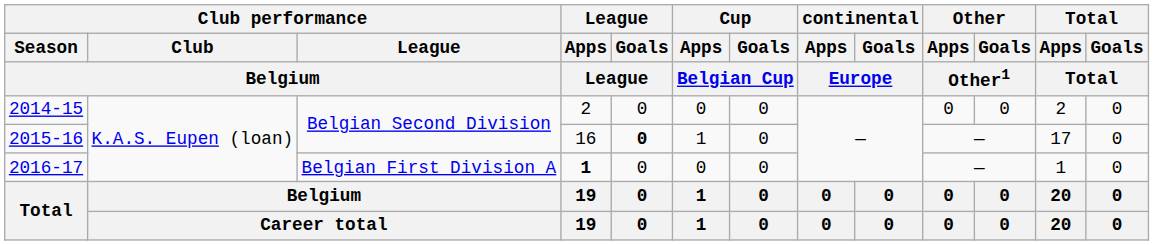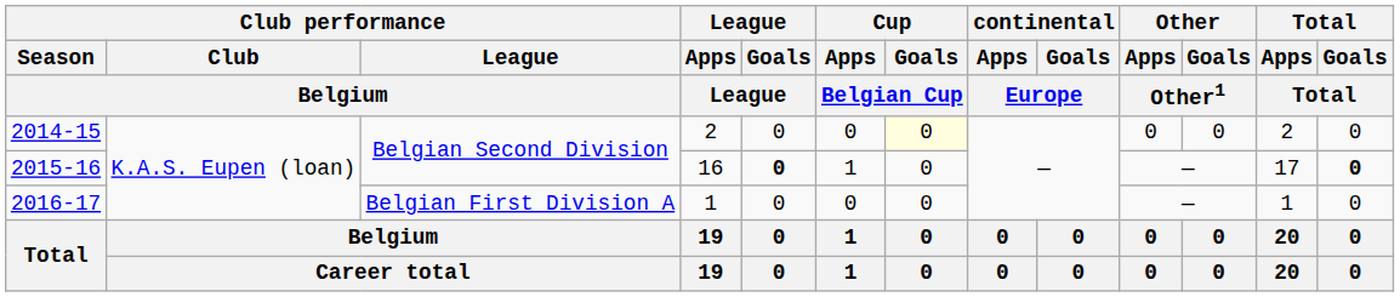 <table class="wikitable" style="text-align:center">
 <tr>
 <th colspan=3>Club performance</th>
 <th colspan=2>League</th>
 <th colspan=2>Cup</th>
 <th colspan=2>continental</th>
 <th colspan=2>Other</th>
 <th colspan=2>Total</th>
 </tr>
 <tr>
 <th>Season</th>
 <th>Club</th>
 <th>League</th>
 <th>Apps</th>
 <th>Goals</th>
 <th>Apps</th>
 <th>Goals</th>
 <th>Apps</th>
 <th>Goals</th>
 <th>Apps</th>
 <th>Goals</th>
 <th>Apps</th>
 <th>Goals</th>
 </tr>
 <tr>
 <th colspan=3>Belgium</th>
 <th colspan=2>League</th>
 <th colspan=2><a href='#'>Belgian Cup</a></th>
 <th colspan=2><a href='#'>Europe</a></th>
 <th colspan=2>Other<sup>1</sup></th>
 <th colspan=2>Total</th>
 </tr>
 <tr>
 <td><a href='#'>2014-15</a></td>
 <td rowspan=3><a href='#'>K.A.S. Eupen</a> (loan)</td>
 <td rowspan=2><a href='#'>Belgian Second Division</a></td>
 <td>2</td>
 <td>0</td>
 <td>0</td>
-<td>0</td>
+<td style="background: lightyellow;">0</td>
 <td colspan=2 rowspan=3>—</td>
 <td>0</td>
 <td>0</td>
 <td>2</td>
 <td>0</td>
 </tr>
 <tr>
 <td><a href='#'>2015-16</a></td>
 <td>16</td>
 <td><strong>0</strong></td>
 <td>1</td>
 <td>0</td>
 <td colspan=2>—</td>
 <td>17</td>
-<td>0</td>
+<td><strong>0</strong></td>
 </tr>
 <tr>
 <td><a href='#'>2016-17</a></td>
 <td><a href='#'>Belgian First Division A</a></td>
-<td><strong>1</strong></td>
+<td>1</td>
 <td>0</td>
 <td>0</td>
 <td>0</td>
 <td colspan=2>—</td>
 <td>1</td>
 <td>0</td>
 </tr>
 <tr>
 <th rowspan=2>Total</th>
 <th colspan=2>Belgium</th>
 <th>19</th>
 <th>0</th>
 <th>1</th>
 <th>0</th>
 <th>0</th>
 <th>0</th>
 <th>0</th>
 <th>0</th>
 <th>20</th>
 <th>0</th>
 </tr>
 <tr>
 <th colspan=2>Career total</th>
 <th>19</th>
 <th>0</th>
 <th>1</th>
 <th>0</th>
 <th>0</th>
 <th>0</th>
 <th>0</th>
 <th>0</th>
 <th>20</th>
 <th>0</th>
 </tr>
 </table>
